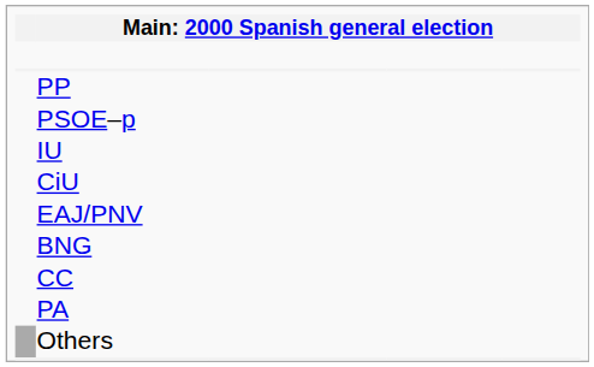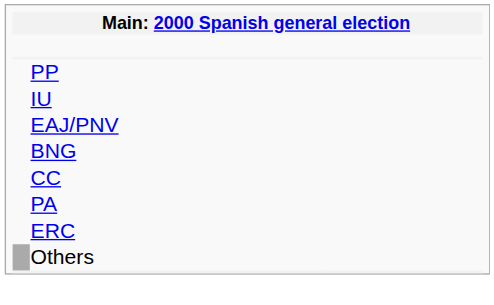 <table class="infobox vcard" style="width:23.0em; padding:0.3em; padding-bottom:0em;" cellspacing=0>
 <tr>
 <td style="background:#F2F2F2; vertical-align:middle; padding:0.4em;" width="30px"></td>
 <th colspan="4" style="text-align:center; background:#F2F2F2; font-size:0.85em; width:100%; vertical-align:middle;">Main: <a href='#'>2000 Spanish general election</a></th>
 </tr>
 <tr>
 <td colspan="5" style="text-align:center; font-size:0.85em; padding:0.5em 0em;">  </td>
 </tr>
 <tr>
 <td colspan="5"></td>
 </tr>
 <tr>
 <td colspan="5"></td>
 </tr>
 <tr>
 <th colspan="2" width="85px" style="background:#F2F2F2;"></th>
 <th width="70px" style="background:#F2F2F2;"></th>
 <th width="45px" style="background:#F2F2F2;"></th>
 <th width="30px" style="background:#F2F2F2;"></th>
 </tr>
 <tr>
 <td style="background:"></td>
 <td><a href='#'>PP</a></td>
 <td></td>
 <td></td>
 <td></td>
 </tr>
 <tr>
 <td style="background:"></td>
-<td><a href='#'>PSOE</a>–<a href='#'>p</a></td>
-<td></td>
-<td></td>
-<td></td>
-</tr>
-<tr>
-<td style="background:"></td>
 <td><a href='#'>IU</a></td>
-<td></td>
-<td></td>
-<td></td>
-</tr>
-<tr>
-<td style="background:"></td>
-<td><a href='#'>CiU</a></td>
 <td></td>
 <td></td>
 <td></td>
 </tr>
 <tr>
 <td style="background:"></td>
 <td><a href='#'>EAJ/PNV</a></td>
 <td></td>
 <td></td>
 <td></td>
 </tr>
 <tr>
 <td style="background:"></td>
 <td><a href='#'>BNG</a></td>
 <td></td>
 <td></td>
 <td></td>
 </tr>
 <tr>
 <td style="background:"></td>
 <td><a href='#'>CC</a></td>
 <td></td>
 <td></td>
 <td></td>
 </tr>
 <tr>
 <td style="background:"></td>
 <td><a href='#'>PA</a></td>
 <td></td>
 <td></td>
 <td></td>
 </tr>
 <tr>
+<td style="background:"></td>
+<td><a href='#'>ERC</a></td>
+<td></td>
+<td></td>
+<td></td>
+</tr>
+<tr>
 <td style="background:#AAAAAA;"></td>
 <td>Others</td>
 <td></td>
 <td></td>
 <td></td>
 </tr>
 <tr>
 <th colspan="2" style="background:#F2F2F2;"></th>
 <th style="background:#F2F2F2;"></th>
 <th style="background:#F2F2F2;"></th>
 <th style="background:#F2F2F2;"></th>
 </tr>
 </table>
